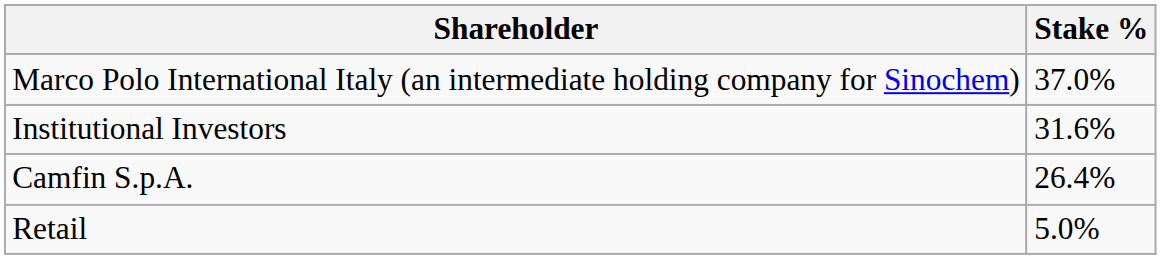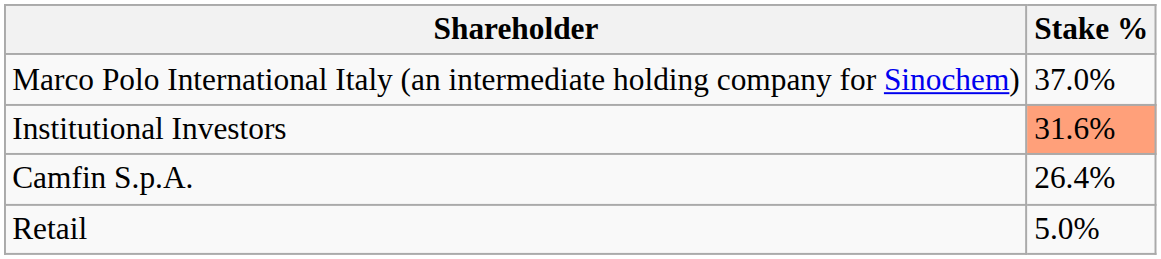 <table class="wikitable">
 <tr>
 <th>Shareholder</th>
 <th>Stake %</th>
 </tr>
 <tr>
 <td>Marco Polo International Italy (an intermediate holding company for <a href='#'>Sinochem</a>)</td>
 <td>37.0%</td>
 </tr>
 <tr>
 <td>Institutional Investors</td>
-<td>31.6%</td>
+<td style="background: lightsalmon;">31.6%</td>
 </tr>
 <tr>
 <td>Camfin S.p.A.</td>
 <td>26.4%</td>
 </tr>
 <tr>
 <td>Retail</td>
 <td>5.0%</td>
 </tr>
 </table>
